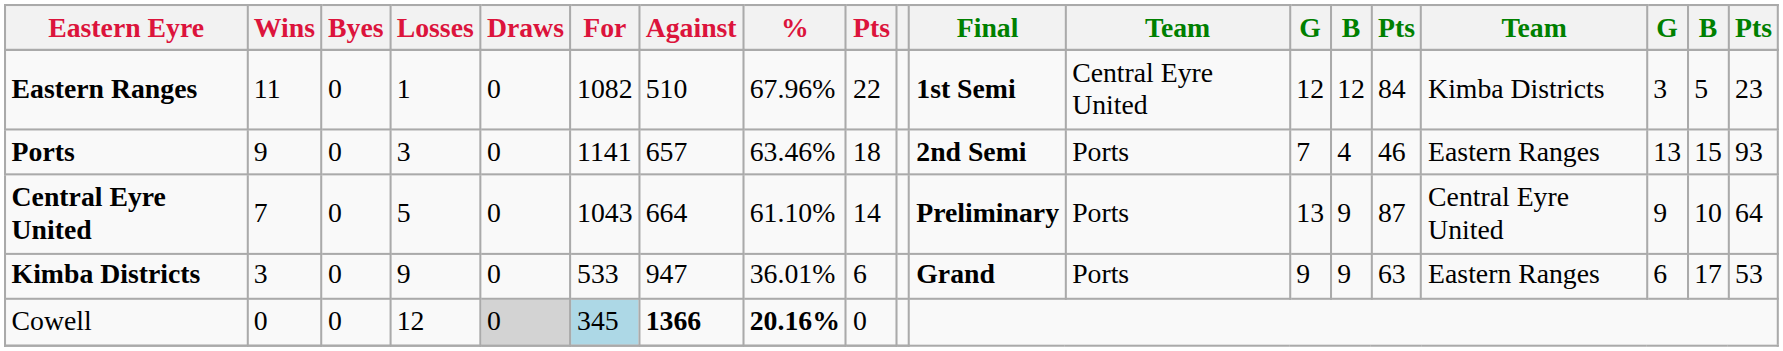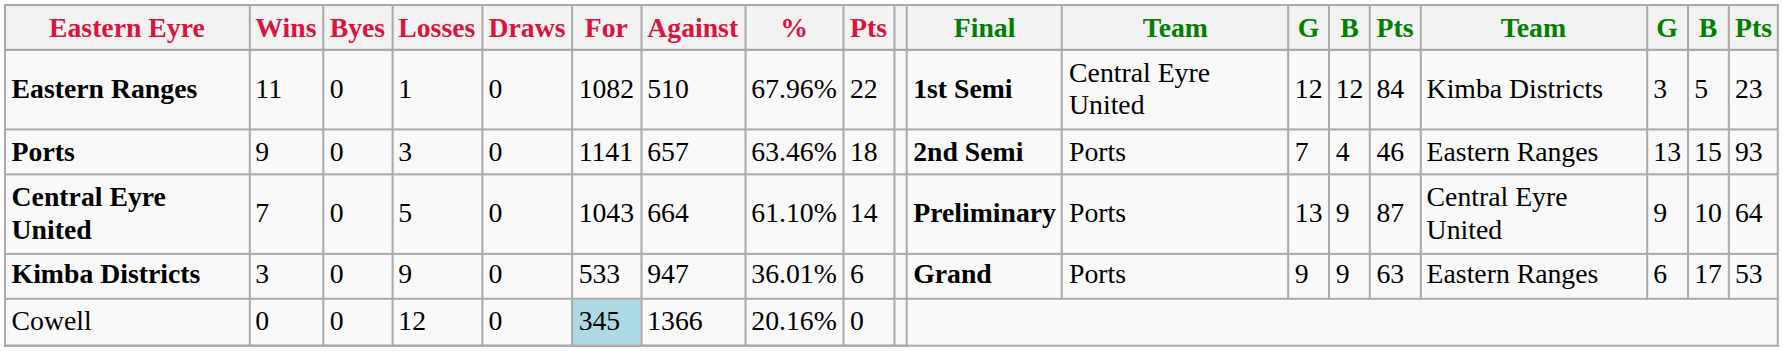 <table style="font-size: 85%; text-align: left;" class="wikitable">
 <tr>
 <th style="color:crimson">Eastern Eyre</th>
 <th style="color:crimson">Wins</th>
 <th style="color:crimson">Byes</th>
 <th style="color:crimson">Losses</th>
 <th style="color:crimson">Draws</th>
 <th style="color:crimson">For</th>
 <th style="color:crimson">Against</th>
 <th style="color:crimson">%</th>
 <th style="color:crimson">Pts</th>
 <th></th>
 <th style="color:green">Final</th>
 <th style="color:green">Team</th>
 <th style="color:green">G</th>
 <th style="color:green">B</th>
 <th style="color:green">Pts</th>
 <th style="color:green">Team</th>
 <th style="color:green">G</th>
 <th style="color:green">B</th>
 <th style="color:green">Pts</th>
 </tr>
 <tr>
 </tr>
 <tr>
 </tr>
 <tr>
 <td><strong>	Eastern Ranges	</strong></td>
 <td>11</td>
 <td>0</td>
 <td>1</td>
 <td>0</td>
 <td>1082</td>
 <td>510</td>
 <td>67.96%</td>
 <td>22</td>
 <td></td>
 <td><strong>1st Semi</strong></td>
 <td>Central Eyre United</td>
 <td>12</td>
 <td>12</td>
 <td>84</td>
 <td>Kimba Districts</td>
 <td>3</td>
 <td>5</td>
 <td>23</td>
 </tr>
 <tr>
 <td><strong>	Ports	</strong></td>
 <td>9</td>
 <td>0</td>
 <td>3</td>
 <td>0</td>
 <td>1141</td>
 <td>657</td>
 <td>63.46%</td>
 <td>18</td>
 <td></td>
 <td><strong>2nd Semi</strong></td>
 <td>Ports</td>
 <td>7</td>
 <td>4</td>
 <td>46</td>
 <td>Eastern Ranges</td>
 <td>13</td>
 <td>15</td>
 <td>93</td>
 </tr>
 <tr>
 <td><strong>	Central Eyre United	</strong></td>
 <td>7</td>
 <td>0</td>
 <td>5</td>
 <td>0</td>
 <td>1043</td>
 <td>664</td>
 <td>61.10%</td>
 <td>14</td>
 <td></td>
 <td><strong>Preliminary</strong></td>
 <td>Ports</td>
 <td>13</td>
 <td>9</td>
 <td>87</td>
 <td>Central Eyre United</td>
 <td>9</td>
 <td>10</td>
 <td>64</td>
 </tr>
 <tr>
 <td><strong>	Kimba Districts	</strong></td>
 <td>3</td>
 <td>0</td>
 <td>9</td>
 <td>0</td>
 <td>533</td>
 <td>947</td>
 <td>36.01%</td>
 <td>6</td>
 <td></td>
 <td><strong>Grand</strong></td>
 <td>Ports</td>
 <td>9</td>
 <td>9</td>
 <td>63</td>
 <td>Eastern Ranges</td>
 <td>6</td>
 <td>17</td>
 <td>53</td>
 </tr>
 <tr>
 <td>Cowell</td>
 <td>0</td>
 <td>0</td>
 <td>12</td>
-<td style="background: lightgrey;">0</td>
+<td>0</td>
 <td style="background: lightblue;">345</td>
-<td><strong>1366</strong></td>
-<td><strong>20.16%</strong></td>
+<td>1366</td>
+<td>20.16%</td>
 <td>0</td>
 <td></td>
 </tr>
 <tr>
 </tr>
 </table>
